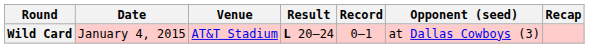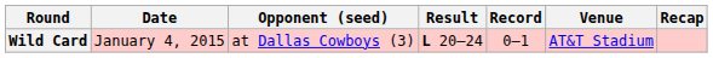 <table class="wikitable" style="text-align:center">
 <tr>
 <th>Round</th>
 <th>Date</th>
-<th>Venue</th>
+<th>Opponent (seed)</th>
 <th>Result</th>
 <th>Record</th>
-<th>Opponent (seed)</th>
+<th>Venue</th>
 <th>Recap</th>
 </tr>
 <tr style="background:#fcc">
 <th>Wild Card</th>
 <td>January 4, 2015</td>
-<td><a href='#'>AT&T Stadium</a></td>
+<td>at <a href='#'>Dallas Cowboys</a> (3)</td>
 <td><strong>L</strong> 20–24</td>
 <td>0–1</td>
-<td>at <a href='#'>Dallas Cowboys</a> (3)</td>
+<td><a href='#'>AT&T Stadium</a></td>
 <td></td>
 </tr>
 </table>
